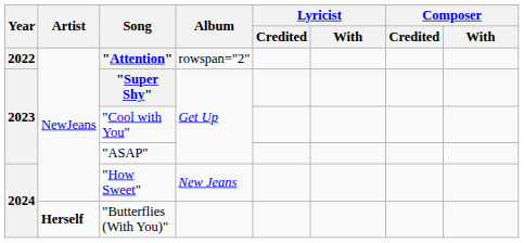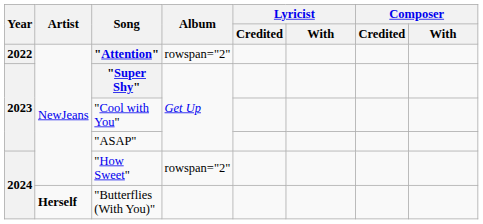 <table class="wikitable plainrowheaders">
 <tr>
 <th rowspan="2">Year</th>
 <th rowspan="2">Artist</th>
 <th rowspan="2">Song</th>
 <th rowspan="2">Album</th>
 <th colspan="2"><a href='#'>Lyricist</a></th>
 <th colspan="2"><a href='#'>Composer</a></th>
 </tr>
 <tr>
 <th>Credited</th>
 <th style="width:16em">With</th>
 <th>Credited</th>
 <th style="width:16em">With</th>
 </tr>
 <tr>
 <th>2022</th>
 <td rowspan="5"><a href='#'>NewJeans</a></td>
 <th scope="row">"<a href='#'>Attention</a>"</th>
 <td>rowspan="2" </td>
 <td></td>
 <td style="text-align:center"></td>
 <td></td>
 <td></td>
 </tr>
 <tr>
 <th rowspan="3">2023</th>
 <th scope="row">"<a href='#'>Super Shy</a>"</th>
 <td rowspan="3"><em><a href='#'>Get Up</a></em></td>
 <td></td>
 <td style="text-align:center"></td>
 <td></td>
 <td></td>
 </tr>
 <tr>
 <td>"<a href='#'>Cool with You</a>"</td>
 <td></td>
 <td style="text-align:center"></td>
 <td></td>
 <td></td>
 </tr>
 <tr>
 <td>"ASAP"</td>
 <td></td>
 <td style="text-align:center"></td>
 <td></td>
 <td></td>
 </tr>
 <tr>
 <th rowspan="2">2024</th>
 <td>"<a href='#'>How Sweet</a>"</td>
-<td><em><a href='#'>New Jeans</a></em></td>
+<td>rowspan="2" </td>
 <td></td>
 <td style="text-align:center"></td>
 <td></td>
 <td></td>
 </tr>
 <tr>
 <td><strong>Herself</strong></td>
 <td>"Butterflies (With You)"</td>
 <td></td>
 <td></td>
 <td></td>
 <td></td>
 </tr>
 </table>
